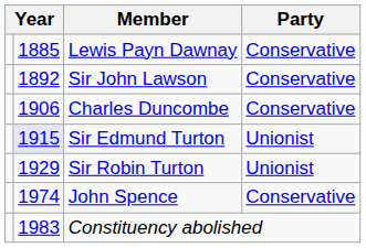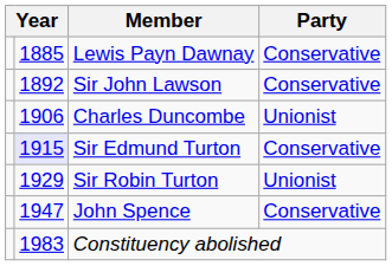 <table class="wikitable">
 <tr>
 <th colspan="2">Year</th>
 <th>Member</th>
 <th>Party</th>
 </tr>
 <tr>
 <td style="color:inherit;background-color: "></td>
 <td><a href='#'>1885</a></td>
 <td><a href='#'>Lewis Payn Dawnay</a></td>
 <td><a href='#'>Conservative</a></td>
 </tr>
 <tr>
 <td style="color:inherit;background-color: "></td>
 <td><a href='#'>1892</a></td>
 <td><a href='#'>Sir John Lawson</a></td>
 <td><a href='#'>Conservative</a></td>
 </tr>
 <tr>
 <td style="color:inherit;background-color: "></td>
 <td><a href='#'>1906</a></td>
 <td><a href='#'>Charles Duncombe</a></td>
-<td><a href='#'>Conservative</a></td>
+<td><a href='#'>Unionist</a></td>
 </tr>
 <tr>
 <td style="color:inherit;background-color: "></td>
 <td style="background: lavender;"><a href='#'>1915</a></td>
 <td><a href='#'>Sir Edmund Turton</a></td>
-<td><a href='#'>Unionist</a></td>
+<td><a href='#'>Conservative</a></td>
 </tr>
 <tr>
 <td style="color:inherit;background-color: "></td>
 <td><a href='#'>1929</a></td>
 <td><a href='#'>Sir Robin Turton</a></td>
 <td><a href='#'>Unionist</a></td>
 </tr>
 <tr>
 <td style="color:inherit;background-color: "></td>
-<td><a href='#'>1974</a></td>
+<td><a href='#'>1947</a></td>
 <td><a href='#'>John Spence</a></td>
 <td><a href='#'>Conservative</a></td>
 </tr>
 <tr>
 <td></td>
 <td><a href='#'>1983</a></td>
 <td colspan="2"><em>Constituency abolished</em></td>
 </tr>
 </table>
